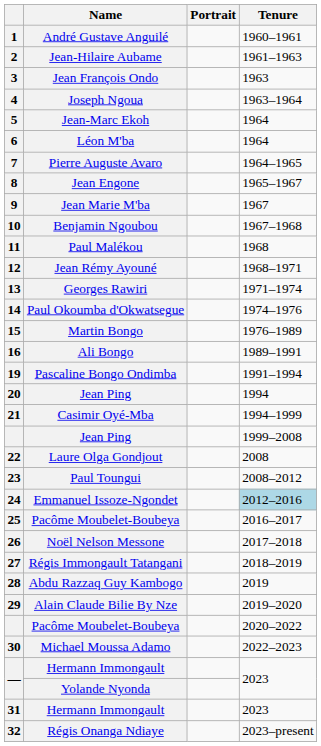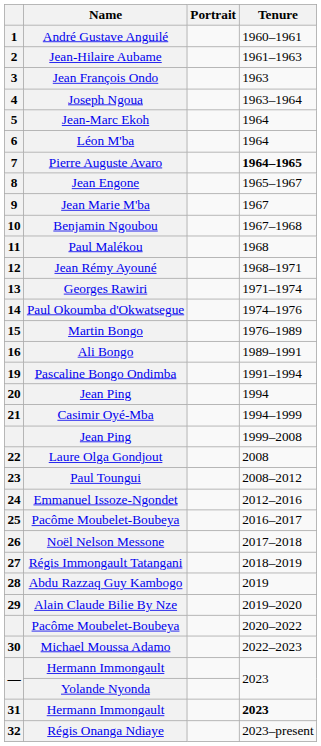 <table class="wikitable">
 <tr>
 <th></th>
 <th>Name<br></th>
 <th>Portrait</th>
 <th>Tenure</th>
 </tr>
 <tr>
 <th>1</th>
 <th align="center" scope="row" style="font-weight:normal;"><a href='#'>André Gustave Anguilé</a><br></th>
 <td></td>
 <td>1960–1961</td>
 </tr>
 <tr>
 <th>2</th>
 <th align="center" scope="row" style="font-weight:normal;"><a href='#'>Jean-Hilaire Aubame</a><br></th>
 <td></td>
 <td>1961–1963</td>
 </tr>
 <tr>
 <th>3</th>
 <th align="center" scope="row" style="font-weight:normal;"><a href='#'>Jean François Ondo</a><br></th>
 <td></td>
 <td>1963</td>
 </tr>
 <tr>
 <th>4</th>
 <th align="center" scope="row" style="font-weight:normal;"><a href='#'>Joseph Ngoua</a><br></th>
 <td></td>
 <td>1963–1964</td>
 </tr>
 <tr>
 <th>5</th>
 <th align="center" scope="row" style="font-weight:normal;"><a href='#'>Jean-Marc Ekoh</a><br></th>
 <td></td>
 <td>1964</td>
 </tr>
 <tr>
 <th>6</th>
 <th align="center" scope="row" style="font-weight:normal;"><a href='#'>Léon M'ba</a><br></th>
 <td></td>
 <td>1964</td>
 </tr>
 <tr>
 <th>7</th>
 <th align="center" scope="row" style="font-weight:normal;"><a href='#'>Pierre Auguste Avaro</a><br></th>
 <td></td>
-<td>1964–1965</td>
+<td><strong>1964–1965</strong></td>
 </tr>
 <tr>
 <th>8</th>
 <th align="center" scope="row" style="font-weight:normal;"><a href='#'>Jean Engone</a><br></th>
 <td></td>
 <td>1965–1967</td>
 </tr>
 <tr>
 <th>9</th>
 <th align="center" scope="row" style="font-weight:normal;"><a href='#'>Jean Marie M'ba</a></th>
 <td></td>
 <td>1967</td>
 </tr>
 <tr>
 <th>10</th>
 <th align="center" scope="row" style="font-weight:normal;"><a href='#'>Benjamin Ngoubou</a><br></th>
 <td></td>
 <td>1967–1968</td>
 </tr>
 <tr>
 <th>11</th>
 <th align="center" scope="row" style="font-weight:normal;"><a href='#'>Paul Malékou</a><br></th>
 <td></td>
 <td>1968</td>
 </tr>
 <tr>
 <th>12</th>
 <th align="center" scope="row" style="font-weight:normal;"><a href='#'>Jean Rémy Ayouné</a><br></th>
 <td></td>
 <td>1968–1971</td>
 </tr>
 <tr>
 <th>13</th>
 <th align="center" scope="row" style="font-weight:normal;"><a href='#'>Georges Rawiri</a><br></th>
 <td></td>
 <td>1971–1974</td>
 </tr>
 <tr>
 <th>14</th>
 <th align="center" scope="row" style="font-weight:normal;"><a href='#'>Paul Okoumba d'Okwatsegue</a><br></th>
 <td></td>
 <td>1974–1976</td>
 </tr>
 <tr>
 <th>15</th>
 <th align="center" scope="row" style="font-weight:normal;"><a href='#'>Martin Bongo</a><br></th>
 <td></td>
 <td>1976–1989</td>
 </tr>
 <tr>
 <th>16</th>
 <th align="center" scope="row" style="font-weight:normal;"><a href='#'>Ali Bongo</a><br></th>
 <td></td>
 <td>1989–1991</td>
 </tr>
 <tr>
 <th>19</th>
 <th align="center" scope="row" style="font-weight:normal;"><a href='#'>Pascaline Bongo Ondimba</a><br></th>
 <td></td>
 <td>1991–1994</td>
 </tr>
 <tr>
 <th>20</th>
 <th align="center" scope="row" style="font-weight:normal;"><a href='#'>Jean Ping</a><br></th>
 <td></td>
 <td>1994</td>
 </tr>
 <tr>
 <th>21</th>
 <th align="center" scope="row" style="font-weight:normal;"><a href='#'>Casimir Oyé-Mba</a><br></th>
 <td></td>
 <td>1994–1999</td>
 </tr>
 <tr>
 <th></th>
 <th align="center" scope="row" style="font-weight:normal;"><a href='#'>Jean Ping</a><br></th>
 <td></td>
 <td>1999–2008</td>
 </tr>
 <tr>
 <th>22</th>
 <th align="center" scope="row" style="font-weight:normal;"><a href='#'>Laure Olga Gondjout</a><br></th>
 <td></td>
 <td>2008</td>
 </tr>
 <tr>
 <th>23</th>
 <th align="center" scope="row" style="font-weight:normal;"><a href='#'>Paul Toungui</a><br></th>
 <td></td>
 <td>2008–2012</td>
 </tr>
 <tr>
 <th>24</th>
 <th align="center" scope="row" style="font-weight:normal;"><a href='#'>Emmanuel Issoze-Ngondet</a><br></th>
 <td></td>
-<td style="background: lightblue;">2012–2016</td>
+<td>2012–2016</td>
 </tr>
 <tr>
 <th>25</th>
 <th align="center" scope="row" style="font-weight:normal;"><a href='#'>Pacôme Moubelet-Boubeya</a><br></th>
 <td></td>
 <td>2016–2017</td>
 </tr>
 <tr>
 <th>26</th>
 <th align="center" scope="row" style="font-weight:normal;"><a href='#'>Noël Nelson Messone</a><br></th>
 <td></td>
 <td>2017–2018</td>
 </tr>
 <tr>
 <th>27</th>
 <th align="center" scope="row" style="font-weight:normal;"><a href='#'>Régis Immongault Tatangani</a></th>
 <td></td>
 <td>2018–2019</td>
 </tr>
 <tr>
 <th>28</th>
 <th align="center" scope="row" style="font-weight:normal;"><a href='#'>Abdu Razzaq Guy Kambogo</a><br></th>
 <td></td>
 <td>2019</td>
 </tr>
 <tr>
 <th>29</th>
 <th align="center" scope="row" style="font-weight:normal;"><a href='#'>Alain Claude Bilie By Nze</a><br></th>
 <td></td>
 <td>2019–2020</td>
 </tr>
 <tr>
 <th></th>
 <th align="center" scope="row" style="font-weight:normal;"><a href='#'>Pacôme Moubelet-Boubeya</a><br></th>
 <td></td>
 <td>2020–2022</td>
 </tr>
 <tr>
 <th>30</th>
 <th align="center" scope="row" style="font-weight:normal;"><a href='#'>Michael Moussa Adamo</a><br></th>
 <td></td>
 <td>2022–2023</td>
 </tr>
 <tr>
 <th rowspan="2">—</th>
 <th align="center" scope="row" style="font-weight:normal;"><a href='#'>Hermann Immongault</a><br></th>
 <td></td>
 <td rowspan="2">2023</td>
 </tr>
 <tr>
 <th align="center" scope="row" style="font-weight:normal;"><a href='#'>Yolande Nyonda</a><br></th>
 <td></td>
 </tr>
 <tr>
 <th>31</th>
 <th align="center" scope="row" style="font-weight:normal;"><a href='#'>Hermann Immongault</a><br></th>
 <td></td>
-<td>2023</td>
+<td><strong>2023</strong></td>
 </tr>
 <tr>
 <th>32</th>
 <th align="center" scope="row" style="font-weight:normal;"><a href='#'>Régis Onanga Ndiaye</a></th>
 <td></td>
 <td>2023–present</td>
 </tr>
 </table>
